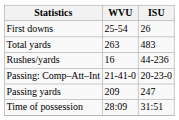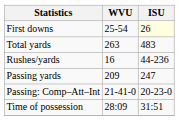 <table class="wikitable" style="float: left;">
 <tr>
 <th>Statistics</th>
 <th>WVU</th>
 <th>ISU</th>
 </tr>
 <tr>
 <td>First downs</td>
 <td>25-54</td>
-<td>26</td>
+<td style="background: lightyellow;">26</td>
 </tr>
 <tr>
 <td>Total yards</td>
 <td>263</td>
 <td>483</td>
 </tr>
 <tr>
 <td>Rushes/yards</td>
 <td>16</td>
 <td>44-236</td>
 </tr>
 <tr>
+<td>Passing yards</td>
+<td>209</td>
+<td>247</td>
+</tr>
+<tr>
 <td>Passing: Comp–Att–Int</td>
 <td>21-41-0</td>
 <td>20-23-0</td>
-</tr>
-<tr>
-<td>Passing yards</td>
-<td>209</td>
-<td>247</td>
 </tr>
 <tr>
 <td>Time of possession</td>
 <td>28:09</td>
 <td>31:51</td>
 </tr>
 <tr>
 </tr>
 </table>
